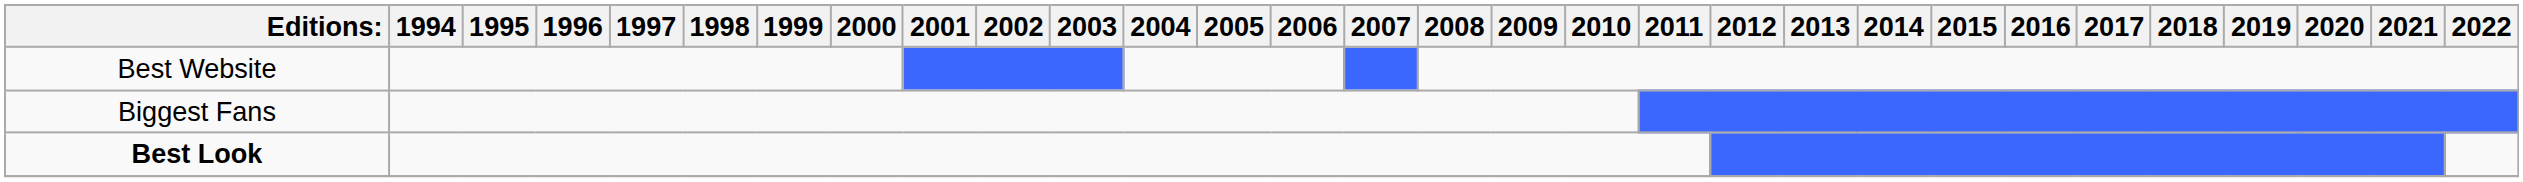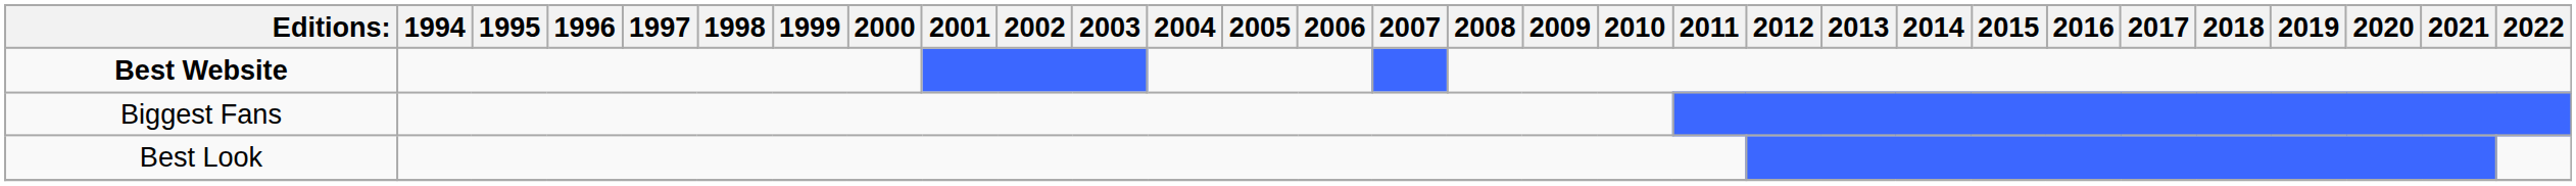 <table class="wikitable" width="100%" cellspacing="0" cellpadding="1" style="font-size:85%; text-align:center; margin:0">
 <tr style="vertical-align:top; text-align:left">
 <th style="text-align:right">Editions:</th>
 <th width="1%" style="border-left:1px solid #C7C7C7">1994</th>
 <th width="1%" style="border-left:1px solid #C7C7C7">1995</th>
 <th width="1%" style="border-left:1px solid #C7C7C7">1996</th>
 <th width="1%" style="border-left:1px solid #C7C7C7">1997</th>
 <th width="1%" style="border-left:1px solid #C7C7C7">1998</th>
 <th width="1%" style="border-left:1px solid #C7C7C7">1999</th>
 <th width="1%" style="border-left:1px solid #C7C7C7">2000</th>
 <th width="1%" style="border-left:1px solid #C7C7C7">2001</th>
 <th width="1%" style="border-left:1px solid #C7C7C7">2002</th>
 <th width="1%" style="border-left:1px solid #C7C7C7">2003</th>
 <th width="1%" style="border-left:1px solid #C7C7C7">2004</th>
 <th width="1%" style="border-left:1px solid #C7C7C7">2005</th>
 <th width="1%" style="border-left:1px solid #C7C7C7">2006</th>
 <th width="1%" style="border-left:1px solid #C7C7C7">2007</th>
 <th width="1%" style="border-left:1px solid #C7C7C7">2008</th>
 <th width="1%" style="border-left:1px solid #C7C7C7">2009</th>
 <th width="1%" style="border-left:1px solid #C7C7C7">2010</th>
 <th width="1%" style="border-left:1px solid #C7C7C7">2011</th>
 <th width="1%" style="border-left:1px solid #C7C7C7">2012</th>
 <th width="1%" style="border-left:1px solid #C7C7C7">2013</th>
 <th width="1%" style="border-left:1px solid #C7C7C7">2014</th>
 <th width="1%" style="border-left:1px solid #C7C7C7">2015</th>
 <th width="1%" style="border-left:1px solid #C7C7C7">2016</th>
 <th width="1%" style="border-left:1px solid #C7C7C7">2017</th>
 <th width="1%" style="border-left:1px solid #C7C7C7">2018</th>
 <th width="1%" style="border-left:1px solid #C7C7C7">2019</th>
 <th width="1%" style="border-left:1px solid #C7C7C7">2020</th>
 <th width="1%" style="border-left:1px solid #C7C7C7">2021</th>
 <th width="1%" style="border-left:1px solid #C7C7C7">2022</th>
 </tr>
 <tr>
-<td width="15%">Best Website</td>
+<td width="15%"><strong>Best Website</strong></td>
 <td colspan="7"></td>
 <td style="background:#3C67FF" colspan="3"></td>
 <td colspan="3"></td>
 <td style="background:#3C67FF"></td>
 <td colspan="15"></td>
 </tr>
 <tr>
 <td width="15%">Biggest Fans</td>
 <td colspan="17"></td>
 <td colspan="12" style="background:#3C67FF"></td>
 </tr>
 <tr>
-<td width="15%"><strong>Best Look</strong></td>
+<td width="15%">Best Look</td>
 <td colspan="18"></td>
 <td colspan="10" style="background:#3C67FF"></td>
 <td></td>
 </tr>
 <tr>
 </tr>
 </table>
